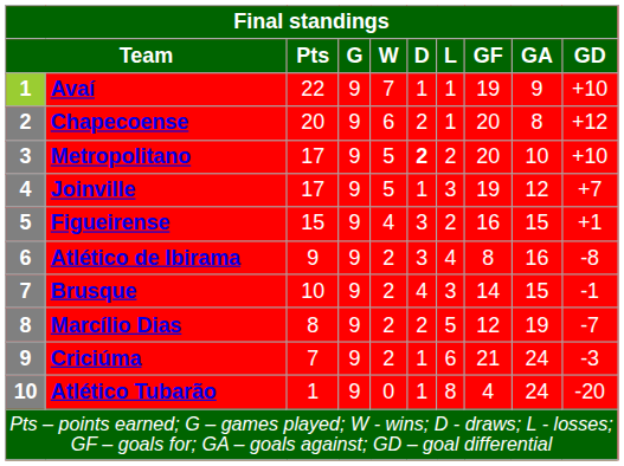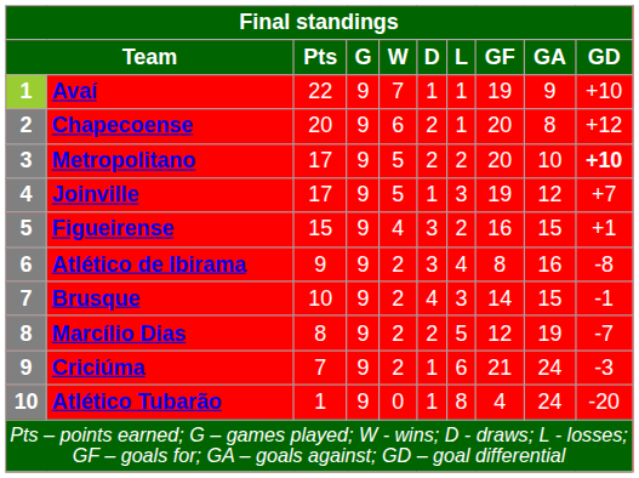 <table class="wikitable" style="text-align:center; color:#ffffff; background:#ff0000">
 <tr>
 <th style="background:#006400" colspan="10">Final standings</th>
 </tr>
 <tr>
 <th style="background:#006400" colspan="2">Team</th>
 <th style="background:#006400">Pts</th>
 <th style="background:#006400">G</th>
 <th style="background:#006400">W</th>
 <th style="background:#006400">D</th>
 <th style="background:#006400">L</th>
 <th style="background:#006400">GF</th>
 <th style="background:#006400">GA</th>
 <th style="background:#006400">GD</th>
 </tr>
 <tr>
 <th style="background:#9acd32">1</th>
 <td align=left><strong><a href='#'><span>Avaí</span></a></strong></td>
 <td>22</td>
 <td>9</td>
 <td>7</td>
 <td>1</td>
 <td>1</td>
 <td>19</td>
 <td>9</td>
 <td>+10</td>
 </tr>
 <tr>
 <th style="background:#808080">2</th>
 <td align=left><strong><a href='#'><span>Chapecoense</span></a></strong></td>
 <td>20</td>
 <td>9</td>
 <td>6</td>
 <td>2</td>
 <td>1</td>
 <td>20</td>
 <td>8</td>
 <td>+12</td>
 </tr>
 <tr>
 <th style="background:#808080">3</th>
 <td align=left><strong><a href='#'><span>Metropolitano</span></a></strong></td>
 <td>17</td>
 <td>9</td>
 <td>5</td>
-<td><strong>2</strong></td>
+<td>2</td>
 <td>2</td>
 <td>20</td>
 <td>10</td>
-<td>+10</td>
+<td><strong>+10</strong></td>
 </tr>
 <tr>
 <th style="background:#808080">4</th>
 <td align=left><strong><a href='#'><span>Joinville</span></a></strong></td>
 <td>17</td>
 <td>9</td>
 <td>5</td>
 <td>1</td>
 <td>3</td>
 <td>19</td>
 <td>12</td>
 <td>+7</td>
 </tr>
 <tr>
 <th style="background:#808080">5</th>
 <td align=left><strong><a href='#'><span>Figueirense</span></a></strong></td>
 <td>15</td>
 <td>9</td>
 <td>4</td>
 <td>3</td>
 <td>2</td>
 <td>16</td>
 <td>15</td>
 <td>+1</td>
 </tr>
 <tr>
 <th style="background:#808080">6</th>
 <td align=left><strong><a href='#'><span>Atlético de Ibirama</span></a></strong></td>
 <td>9</td>
 <td>9</td>
 <td>2</td>
 <td>3</td>
 <td>4</td>
 <td>8</td>
 <td>16</td>
 <td>-8</td>
 </tr>
 <tr>
 <th rowspan="1" style="background:#808080">7</th>
 <td align=left><strong><a href='#'><span>Brusque</span></a></strong></td>
 <td>10</td>
 <td>9</td>
 <td>2</td>
 <td>4</td>
 <td>3</td>
 <td>14</td>
 <td>15</td>
 <td>-1</td>
 </tr>
 <tr>
 <th style="background:#808080">8</th>
 <td align=left><strong><a href='#'><span>Marcílio Dias</span></a></strong></td>
 <td>8</td>
 <td>9</td>
 <td>2</td>
 <td>2</td>
 <td>5</td>
 <td>12</td>
 <td>19</td>
 <td>-7</td>
 </tr>
 <tr>
 <th style="background:#808080">9</th>
 <td align=left><strong><a href='#'><span>Criciúma</span></a></strong></td>
 <td>7</td>
 <td>9</td>
 <td>2</td>
 <td>1</td>
 <td>6</td>
 <td>21</td>
 <td>24</td>
 <td>-3</td>
 </tr>
 <tr>
 <th rowspan="1" style="background:#808080">10</th>
 <td align=left><strong><a href='#'><span>Atlético Tubarão</span></a></strong></td>
 <td>1</td>
 <td>9</td>
 <td>0</td>
 <td>1</td>
 <td>8</td>
 <td>4</td>
 <td>24</td>
 <td>-20</td>
 </tr>
 <tr>
 <td colspan="10" style="background:#006400; font-size:90%; font-style:italic">Pts – points earned; G – games played; W - wins; D - draws; L - losses;<br>GF – goals for; GA – goals against; GD – goal differential</td>
 </tr>
 </table>
